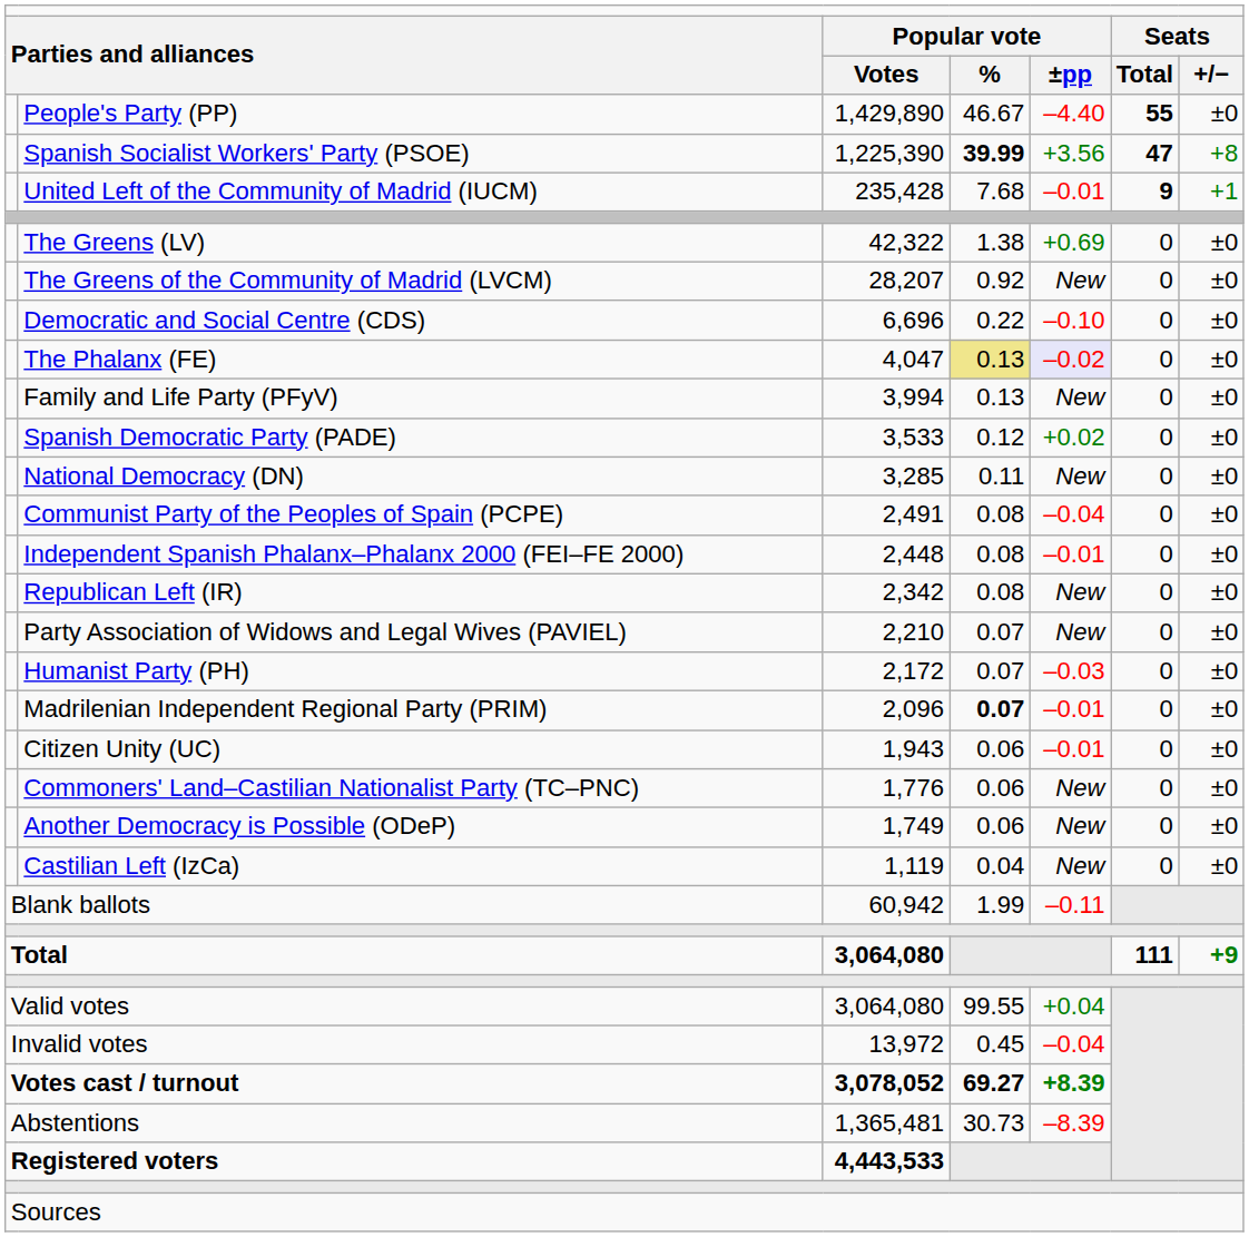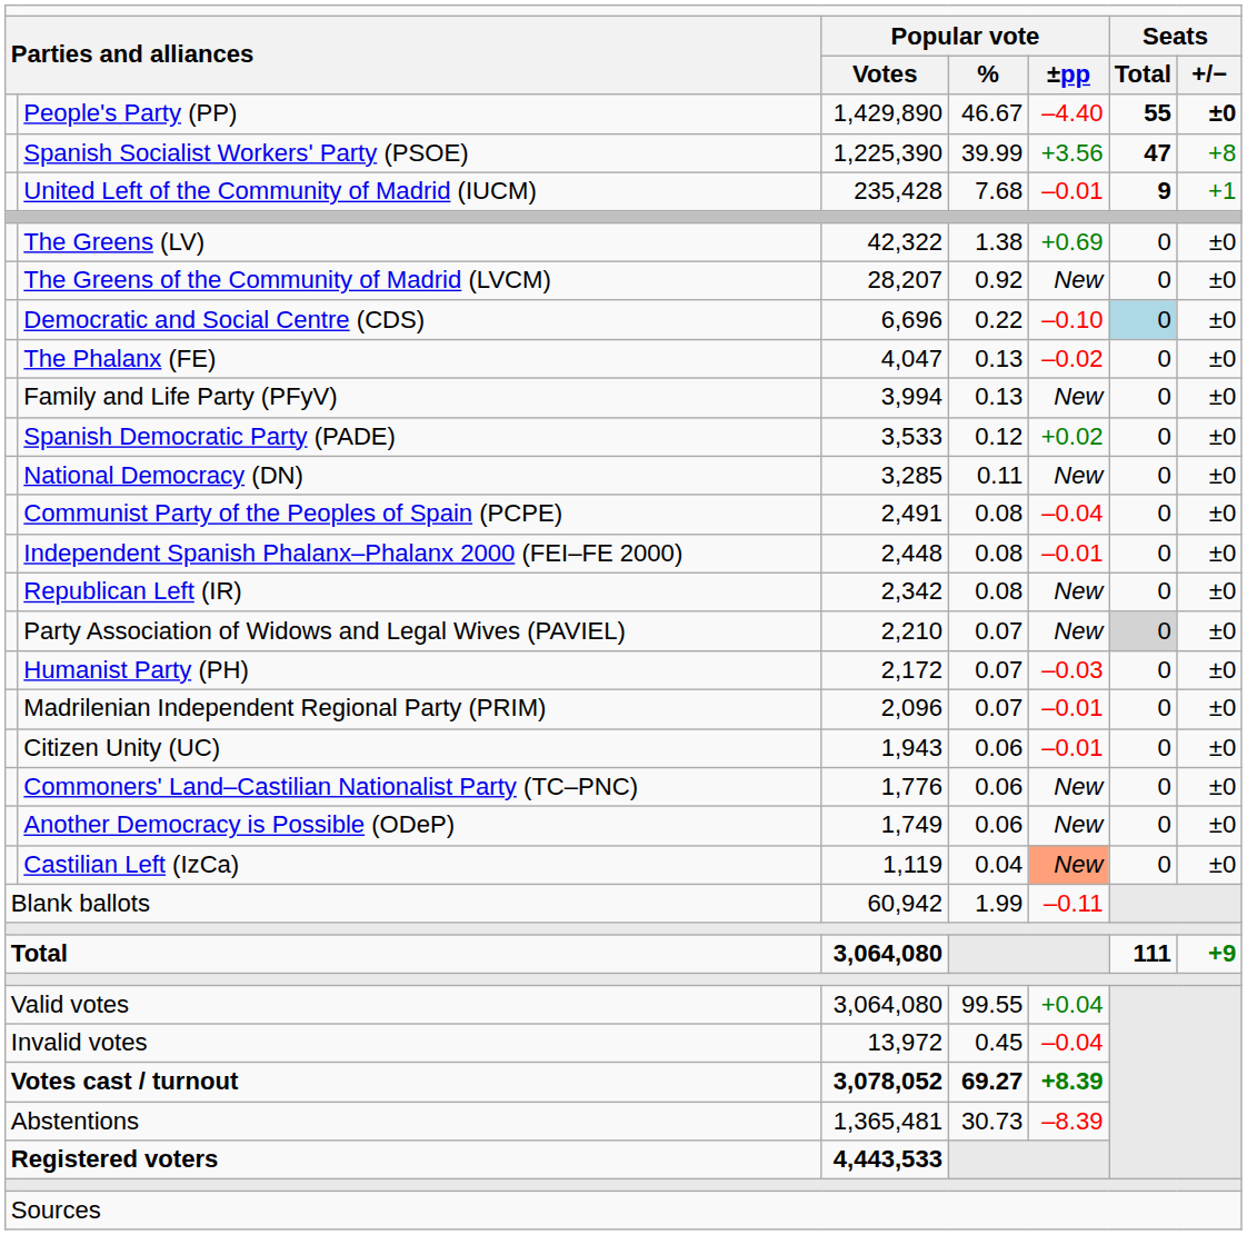 <table class="wikitable" style="text-align:right;">
 <tr>
 <td colspan="7"></td>
 </tr>
 <tr>
 <th style="text-align:left;" rowspan="2" colspan="2" width="525">Parties and alliances</th>
 <th colspan="3">Popular vote</th>
 <th colspan="2">Seats</th>
 </tr>
 <tr>
 <th width="75">Votes</th>
 <th width="45">%</th>
 <th width="45">±<a href='#'>pp</a></th>
 <th width="35">Total</th>
 <th width="35">+/−</th>
 </tr>
 <tr>
 <td width="1" style="color:inherit;background:"></td>
 <td align="left"><a href='#'>People's Party</a> (PP)</td>
 <td>1,429,890</td>
 <td>46.67</td>
 <td style="color:red;">–4.40</td>
 <td><strong>55</strong></td>
-<td>±0</td>
+<td><strong>±0</strong></td>
 </tr>
 <tr>
 <td style="color:inherit;background:"></td>
 <td align="left"><a href='#'>Spanish Socialist Workers' Party</a> (PSOE)</td>
 <td>1,225,390</td>
-<td><strong>39.99</strong></td>
+<td>39.99</td>
 <td style="color:green;">+3.56</td>
 <td><strong>47</strong></td>
 <td style="color:green;">+8</td>
 </tr>
 <tr>
 <td style="color:inherit;background:"></td>
 <td align="left"><a href='#'>United Left of the Community of Madrid</a> (IUCM)</td>
 <td>235,428</td>
 <td>7.68</td>
 <td style="color:red;">–0.01</td>
 <td><strong>9</strong></td>
 <td style="color:green;">+1</td>
 </tr>
 <tr>
 <td colspan="7" bgcolor="#C0C0C0"></td>
 </tr>
 <tr>
 <td style="color:inherit;background:"></td>
 <td align="left"><a href='#'>The Greens</a> (LV)</td>
 <td>42,322</td>
 <td>1.38</td>
 <td style="color:green;">+0.69</td>
 <td>0</td>
 <td>±0</td>
 </tr>
 <tr>
 <td style="color:inherit;background:"></td>
 <td align="left"><a href='#'>The Greens of the Community of Madrid</a> (LVCM)</td>
 <td>28,207</td>
 <td>0.92</td>
 <td><em>New</em></td>
 <td>0</td>
 <td>±0</td>
 </tr>
 <tr>
 <td style="color:inherit;background:"></td>
 <td align="left"><a href='#'>Democratic and Social Centre</a> (CDS)</td>
 <td>6,696</td>
 <td>0.22</td>
 <td style="color:red;">–0.10</td>
-<td>0</td>
+<td style="background: lightblue;">0</td>
 <td>±0</td>
 </tr>
 <tr>
 <td style="color:inherit;background:"></td>
 <td align="left"><a href='#'>The Phalanx</a> (FE)</td>
 <td>4,047</td>
-<td style="background: khaki;">0.13</td>
-<td style="background: lavender; color:red;">–0.02</td>
+<td>0.13</td>
+<td style="color:red;">–0.02</td>
 <td>0</td>
 <td>±0</td>
 </tr>
 <tr>
 <td style="color:inherit;background:"></td>
 <td align="left">Family and Life Party (PFyV)</td>
 <td>3,994</td>
 <td>0.13</td>
 <td><em>New</em></td>
 <td>0</td>
 <td>±0</td>
 </tr>
 <tr>
 <td style="color:inherit;background:"></td>
 <td align="left"><a href='#'>Spanish Democratic Party</a> (PADE)</td>
 <td>3,533</td>
 <td>0.12</td>
 <td style="color:green;">+0.02</td>
 <td>0</td>
 <td>±0</td>
 </tr>
 <tr>
 <td style="color:inherit;background:"></td>
 <td align="left"><a href='#'>National Democracy</a> (DN)</td>
 <td>3,285</td>
 <td>0.11</td>
 <td><em>New</em></td>
 <td>0</td>
 <td>±0</td>
 </tr>
 <tr>
 <td style="color:inherit;background:"></td>
 <td align="left"><a href='#'>Communist Party of the Peoples of Spain</a> (PCPE)</td>
 <td>2,491</td>
 <td>0.08</td>
 <td style="color:red;">–0.04</td>
 <td>0</td>
 <td>±0</td>
 </tr>
 <tr>
 <td style="color:inherit;background:"></td>
 <td align="left"><a href='#'>Independent Spanish Phalanx–Phalanx 2000</a> (FEI–FE 2000)</td>
 <td>2,448</td>
 <td>0.08</td>
 <td style="color:red;">–0.01</td>
 <td>0</td>
 <td>±0</td>
 </tr>
 <tr>
 <td style="color:inherit;background:"></td>
 <td align="left"><a href='#'>Republican Left</a> (IR)</td>
 <td>2,342</td>
 <td>0.08</td>
 <td><em>New</em></td>
 <td>0</td>
 <td>±0</td>
 </tr>
 <tr>
 <td style="color:inherit;background:"></td>
 <td align="left">Party Association of Widows and Legal Wives (PAVIEL)</td>
 <td>2,210</td>
 <td>0.07</td>
 <td><em>New</em></td>
-<td>0</td>
+<td style="background: lightgrey;">0</td>
 <td>±0</td>
 </tr>
 <tr>
 <td style="color:inherit;background:"></td>
 <td align="left"><a href='#'>Humanist Party</a> (PH)</td>
 <td>2,172</td>
 <td>0.07</td>
 <td style="color:red;">–0.03</td>
 <td>0</td>
 <td>±0</td>
 </tr>
 <tr>
 <td style="color:inherit;background:"></td>
 <td align="left">Madrilenian Independent Regional Party (PRIM)</td>
 <td>2,096</td>
-<td><strong>0.07</strong></td>
+<td>0.07</td>
 <td style="color:red;">–0.01</td>
 <td>0</td>
 <td>±0</td>
 </tr>
 <tr>
 <td style="color:inherit;background:"></td>
 <td align="left">Citizen Unity (UC)</td>
 <td>1,943</td>
 <td>0.06</td>
 <td style="color:red;">–0.01</td>
 <td>0</td>
 <td>±0</td>
 </tr>
 <tr>
 <td style="color:inherit;background:"></td>
 <td align="left"><a href='#'>Commoners' Land–Castilian Nationalist Party</a> (TC–PNC)</td>
 <td>1,776</td>
 <td>0.06</td>
 <td><em>New</em></td>
 <td>0</td>
 <td>±0</td>
 </tr>
 <tr>
 <td style="color:inherit;background:"></td>
 <td align="left"><a href='#'>Another Democracy is Possible</a> (ODeP)</td>
 <td>1,749</td>
 <td>0.06</td>
 <td><em>New</em></td>
 <td>0</td>
 <td>±0</td>
 </tr>
 <tr>
 <td style="color:inherit;background:"></td>
 <td align="left"><a href='#'>Castilian Left</a> (IzCa)</td>
 <td>1,119</td>
 <td>0.04</td>
-<td><em>New</em></td>
+<td style="background: lightsalmon;"><em>New</em></td>
 <td>0</td>
 <td>±0</td>
 </tr>
 <tr>
 <td align="left" colspan="2">Blank ballots</td>
 <td>60,942</td>
 <td>1.99</td>
 <td style="color:red;">–0.11</td>
 <td bgcolor="#E9E9E9" colspan="2"></td>
 </tr>
 <tr>
 <td colspan="7" bgcolor="#E9E9E9"></td>
 </tr>
 <tr style="font-weight:bold;">
 <td align="left" colspan="2">Total</td>
 <td>3,064,080</td>
 <td bgcolor="#E9E9E9" colspan="2"></td>
 <td>111</td>
 <td style="color:green;">+9</td>
 </tr>
 <tr>
 <td colspan="7" bgcolor="#E9E9E9"></td>
 </tr>
 <tr>
 <td align="left" colspan="2">Valid votes</td>
 <td>3,064,080</td>
 <td>99.55</td>
 <td style="color:green;">+0.04</td>
 <td bgcolor="#E9E9E9" colspan="2" rowspan="5"></td>
 </tr>
 <tr>
 <td align="left" colspan="2">Invalid votes</td>
 <td>13,972</td>
 <td>0.45</td>
 <td style="color:red;">–0.04</td>
 </tr>
 <tr style="font-weight:bold;">
 <td align="left" colspan="2">Votes cast / turnout</td>
 <td>3,078,052</td>
 <td>69.27</td>
 <td style="color:green;">+8.39</td>
 </tr>
 <tr>
 <td align="left" colspan="2">Abstentions</td>
 <td>1,365,481</td>
 <td>30.73</td>
 <td style="color:red;">–8.39</td>
 </tr>
 <tr style="font-weight:bold;">
 <td align="left" colspan="2">Registered voters</td>
 <td>4,443,533</td>
 <td bgcolor="#E9E9E9" colspan="2"></td>
 </tr>
 <tr>
 <td colspan="7" bgcolor="#E9E9E9"></td>
 </tr>
 <tr>
 <td align="left" colspan="7">Sources</td>
 </tr>
 </table>
